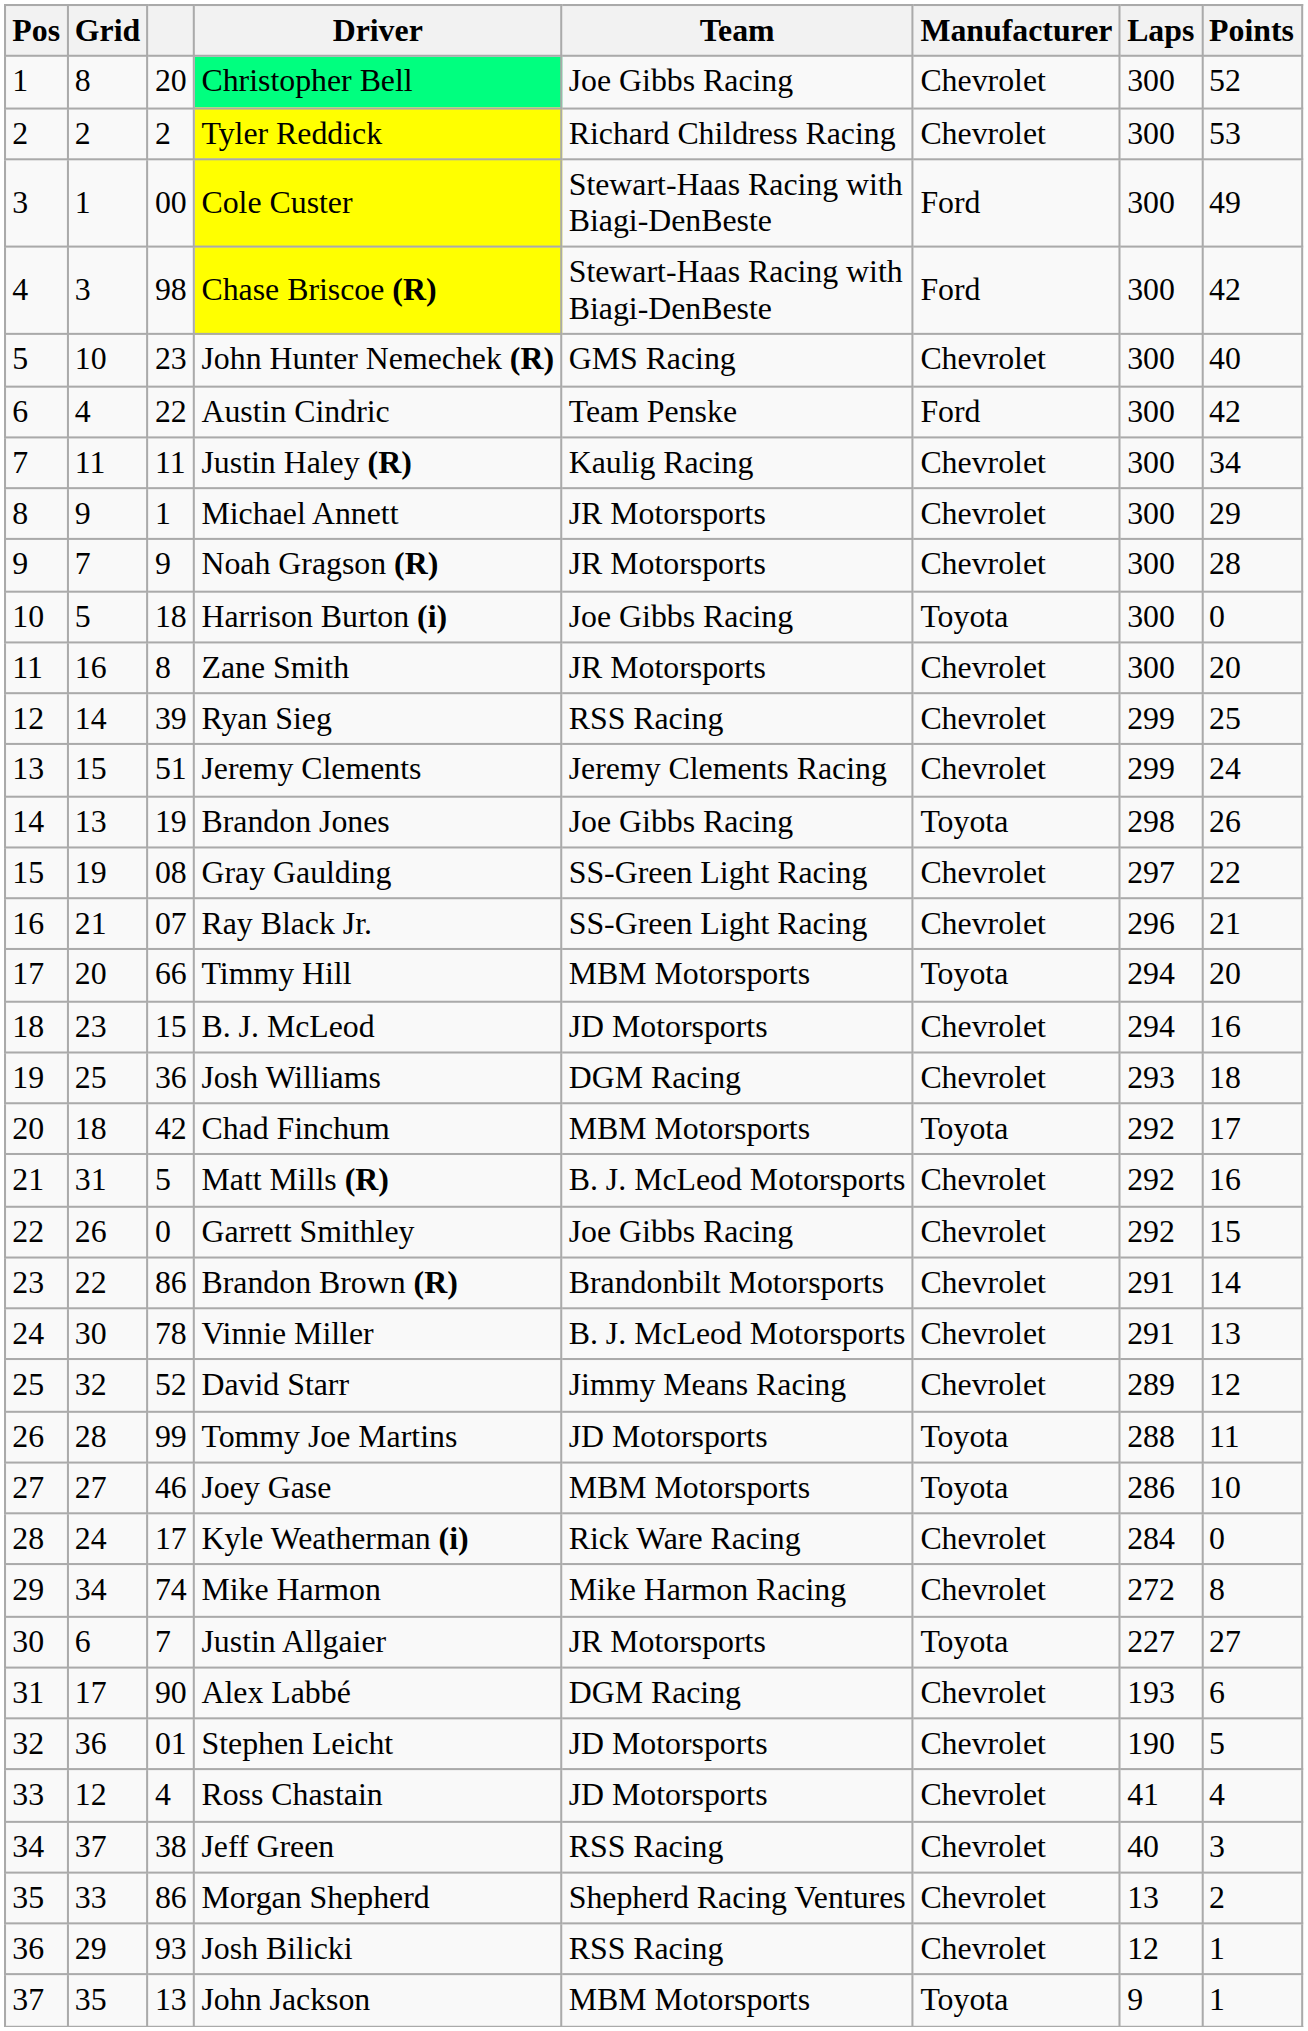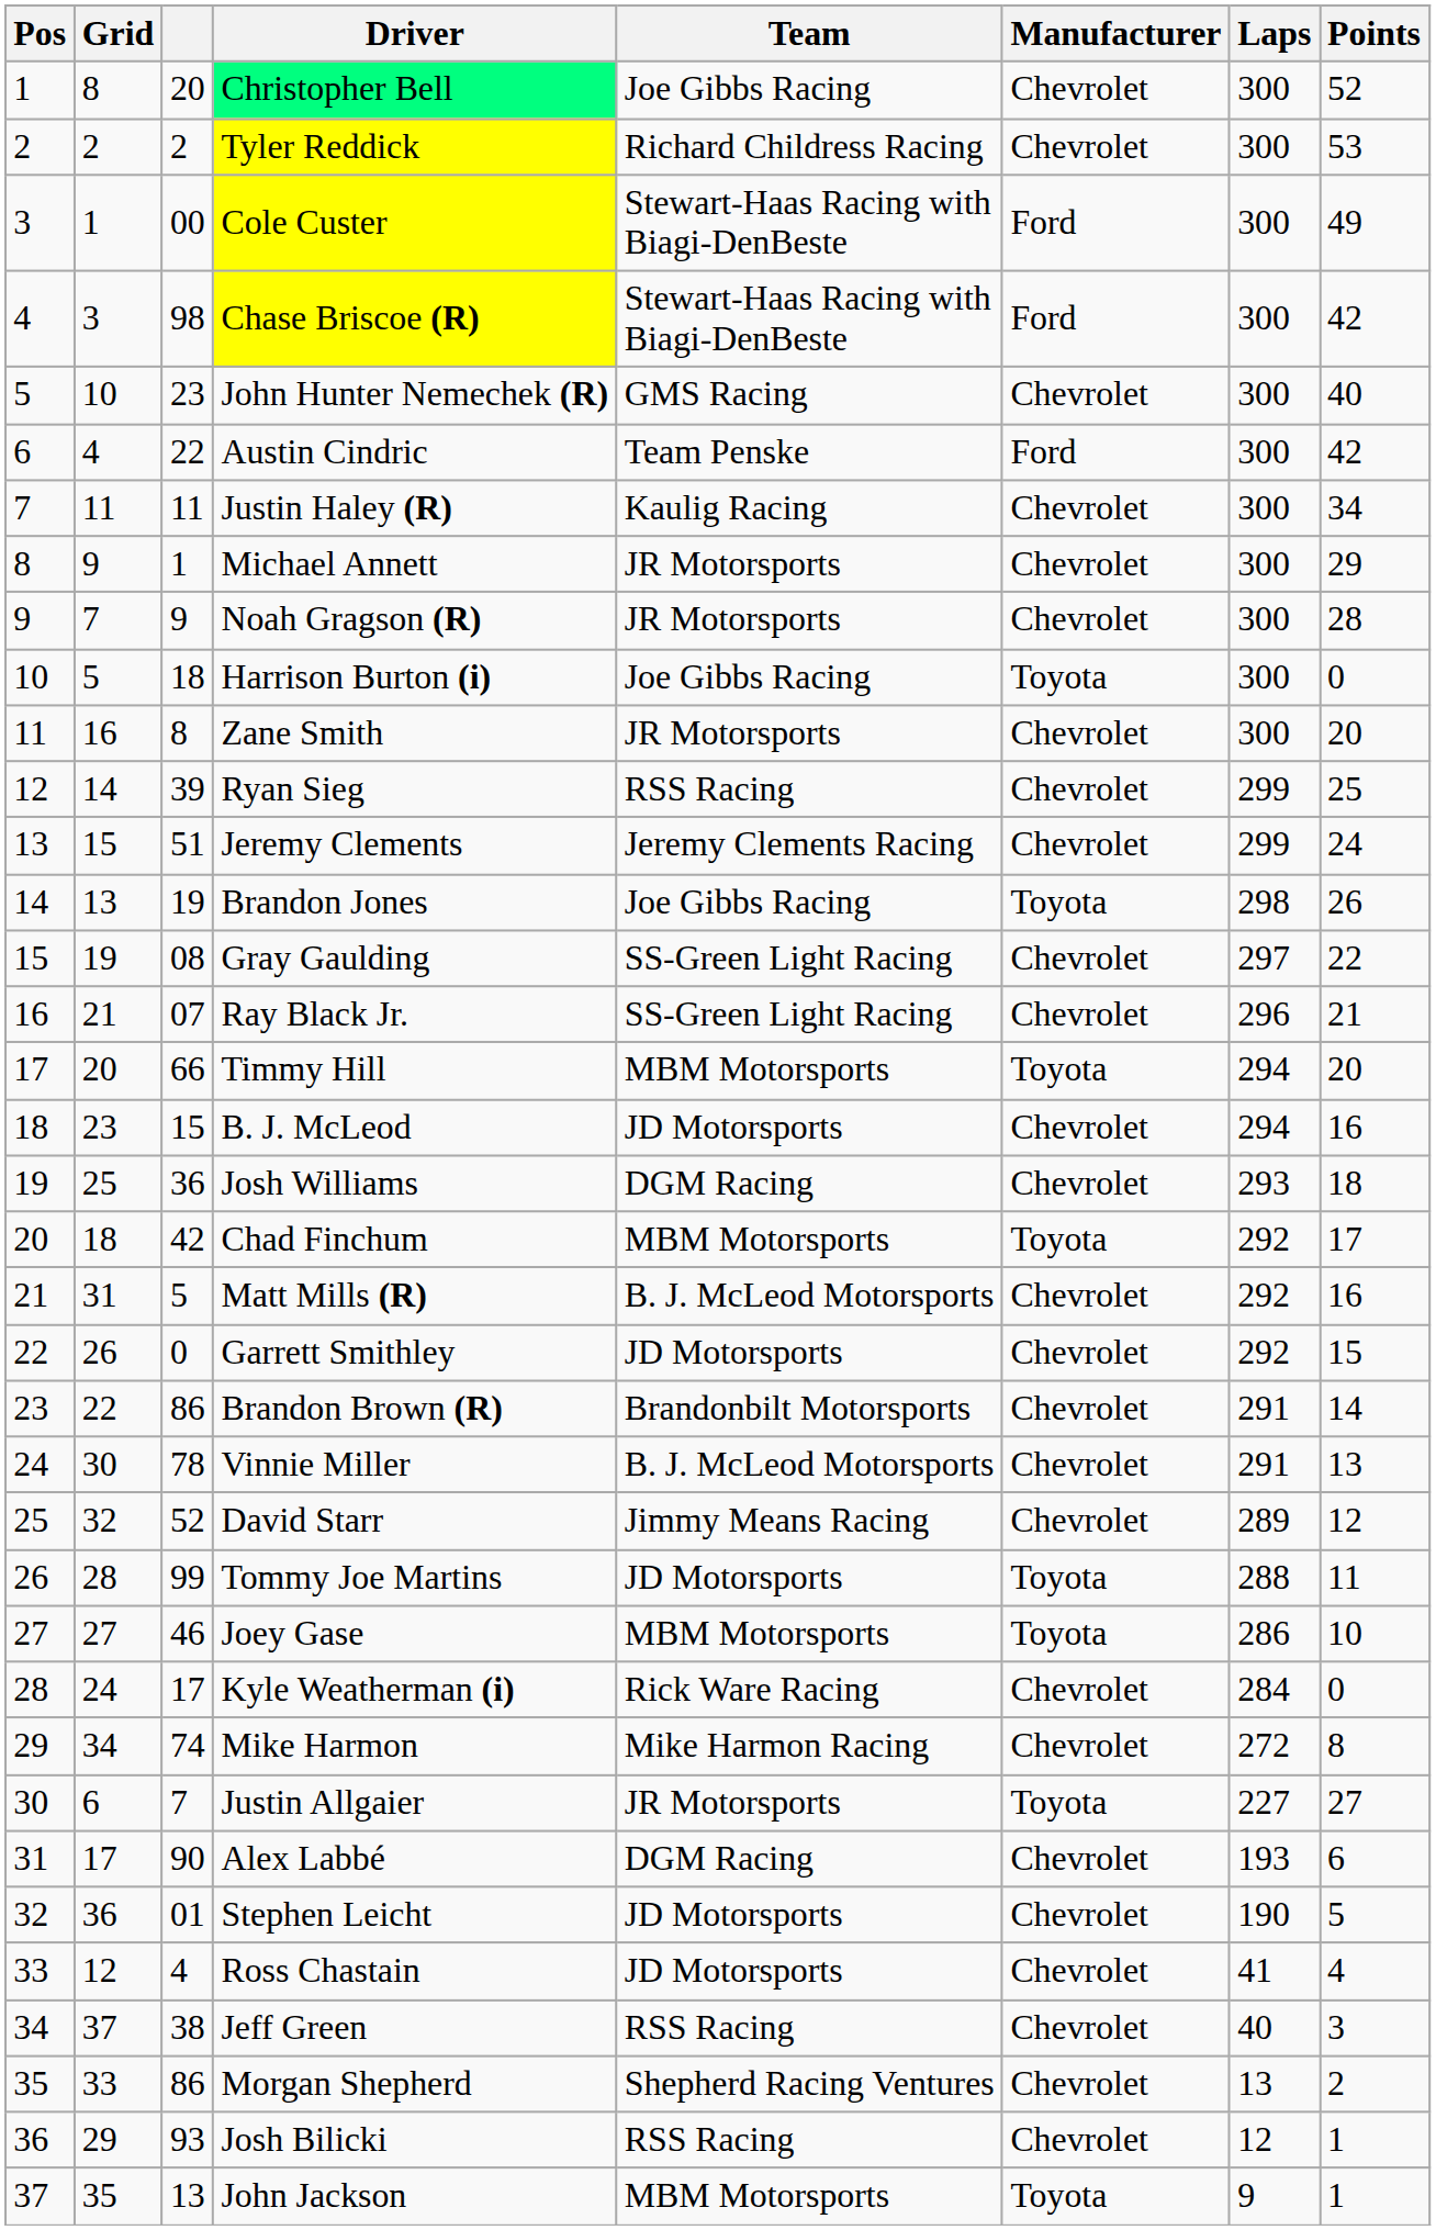 <table class="wikitable" style="font-size:98%">
 <tr>
 <th>Pos</th>
 <th>Grid</th>
 <th></th>
 <th>Driver</th>
 <th>Team</th>
 <th>Manufacturer</th>
 <th>Laps</th>
 <th>Points</th>
 </tr>
 <tr>
 <td>1</td>
 <td>8</td>
 <td>20</td>
 <td style="text-align:left;background:#00FF7F">Christopher Bell</td>
 <td>Joe Gibbs Racing</td>
 <td>Chevrolet</td>
 <td>300</td>
 <td>52</td>
 </tr>
 <tr>
 <td>2</td>
 <td>2</td>
 <td>2</td>
 <td style="text-align:left;background:#FFFF00">Tyler Reddick</td>
 <td>Richard Childress Racing</td>
 <td>Chevrolet</td>
 <td>300</td>
 <td>53</td>
 </tr>
 <tr>
 <td>3</td>
 <td>1</td>
 <td>00</td>
 <td style="text-align:left;background:#FFFF00">Cole Custer</td>
 <td>Stewart-Haas Racing with<br>Biagi-DenBeste</td>
 <td>Ford</td>
 <td>300</td>
 <td>49</td>
 </tr>
 <tr>
 <td>4</td>
 <td>3</td>
 <td>98</td>
 <td style="text-align:left;background:#FFFF00">Chase Briscoe <strong>(R)</strong></td>
 <td>Stewart-Haas Racing with<br>Biagi-DenBeste</td>
 <td>Ford</td>
 <td>300</td>
 <td>42</td>
 </tr>
 <tr>
 <td>5</td>
 <td>10</td>
 <td>23</td>
 <td>John Hunter Nemechek <strong>(R)</strong></td>
 <td>GMS Racing</td>
 <td>Chevrolet</td>
 <td>300</td>
 <td>40</td>
 </tr>
 <tr>
 <td>6</td>
 <td>4</td>
 <td>22</td>
 <td>Austin Cindric</td>
 <td>Team Penske</td>
 <td>Ford</td>
 <td>300</td>
 <td>42</td>
 </tr>
 <tr>
 <td>7</td>
 <td>11</td>
 <td>11</td>
 <td>Justin Haley <strong>(R)</strong></td>
 <td>Kaulig Racing</td>
 <td>Chevrolet</td>
 <td>300</td>
 <td>34</td>
 </tr>
 <tr>
 <td>8</td>
 <td>9</td>
 <td>1</td>
 <td>Michael Annett</td>
 <td>JR Motorsports</td>
 <td>Chevrolet</td>
 <td>300</td>
 <td>29</td>
 </tr>
 <tr>
 <td>9</td>
 <td>7</td>
 <td>9</td>
 <td>Noah Gragson <strong>(R)</strong></td>
 <td>JR Motorsports</td>
 <td>Chevrolet</td>
 <td>300</td>
 <td>28</td>
 </tr>
 <tr>
 <td>10</td>
 <td>5</td>
 <td>18</td>
 <td>Harrison Burton <strong>(i)</strong></td>
 <td>Joe Gibbs Racing</td>
 <td>Toyota</td>
 <td>300</td>
 <td>0</td>
 </tr>
 <tr>
 <td>11</td>
 <td>16</td>
 <td>8</td>
 <td>Zane Smith</td>
 <td>JR Motorsports</td>
 <td>Chevrolet</td>
 <td>300</td>
 <td>20</td>
 </tr>
 <tr>
 <td>12</td>
 <td>14</td>
 <td>39</td>
 <td>Ryan Sieg</td>
 <td>RSS Racing</td>
 <td>Chevrolet</td>
 <td>299</td>
 <td>25</td>
 </tr>
 <tr>
 <td>13</td>
 <td>15</td>
 <td>51</td>
 <td>Jeremy Clements</td>
 <td>Jeremy Clements Racing</td>
 <td>Chevrolet</td>
 <td>299</td>
 <td>24</td>
 </tr>
 <tr>
 <td>14</td>
 <td>13</td>
 <td>19</td>
 <td>Brandon Jones</td>
 <td>Joe Gibbs Racing</td>
 <td>Toyota</td>
 <td>298</td>
 <td>26</td>
 </tr>
 <tr>
 <td>15</td>
 <td>19</td>
 <td>08</td>
 <td>Gray Gaulding</td>
 <td>SS-Green Light Racing</td>
 <td>Chevrolet</td>
 <td>297</td>
 <td>22</td>
 </tr>
 <tr>
 <td>16</td>
 <td>21</td>
 <td>07</td>
 <td>Ray Black Jr.</td>
 <td>SS-Green Light Racing</td>
 <td>Chevrolet</td>
 <td>296</td>
 <td>21</td>
 </tr>
 <tr>
 <td>17</td>
 <td>20</td>
 <td>66</td>
 <td>Timmy Hill</td>
 <td>MBM Motorsports</td>
 <td>Toyota</td>
 <td>294</td>
 <td>20</td>
 </tr>
 <tr>
 <td>18</td>
 <td>23</td>
 <td>15</td>
 <td>B. J. McLeod</td>
 <td>JD Motorsports</td>
 <td>Chevrolet</td>
 <td>294</td>
 <td>16</td>
 </tr>
 <tr>
 <td>19</td>
 <td>25</td>
 <td>36</td>
 <td>Josh Williams</td>
 <td>DGM Racing</td>
 <td>Chevrolet</td>
 <td>293</td>
 <td>18</td>
 </tr>
 <tr>
 <td>20</td>
 <td>18</td>
 <td>42</td>
 <td>Chad Finchum</td>
 <td>MBM Motorsports</td>
 <td>Toyota</td>
 <td>292</td>
 <td>17</td>
 </tr>
 <tr>
 <td>21</td>
 <td>31</td>
 <td>5</td>
 <td>Matt Mills <strong>(R)</strong></td>
 <td>B. J. McLeod Motorsports</td>
 <td>Chevrolet</td>
 <td>292</td>
 <td>16</td>
 </tr>
 <tr>
 <td>22</td>
 <td>26</td>
 <td>0</td>
 <td>Garrett Smithley</td>
-<td>Joe Gibbs Racing</td>
+<td>JD Motorsports</td>
 <td>Chevrolet</td>
 <td>292</td>
 <td>15</td>
 </tr>
 <tr>
 <td>23</td>
 <td>22</td>
 <td>86</td>
 <td>Brandon Brown <strong>(R)</strong></td>
 <td>Brandonbilt Motorsports</td>
 <td>Chevrolet</td>
 <td>291</td>
 <td>14</td>
 </tr>
 <tr>
 <td>24</td>
 <td>30</td>
 <td>78</td>
 <td>Vinnie Miller</td>
 <td>B. J. McLeod Motorsports</td>
 <td>Chevrolet</td>
 <td>291</td>
 <td>13</td>
 </tr>
 <tr>
 <td>25</td>
 <td>32</td>
 <td>52</td>
 <td>David Starr</td>
 <td>Jimmy Means Racing</td>
 <td>Chevrolet</td>
 <td>289</td>
 <td>12</td>
 </tr>
 <tr>
 <td>26</td>
 <td>28</td>
 <td>99</td>
 <td>Tommy Joe Martins</td>
 <td>JD Motorsports</td>
 <td>Toyota</td>
 <td>288</td>
 <td>11</td>
 </tr>
 <tr>
 <td>27</td>
 <td>27</td>
 <td>46</td>
 <td>Joey Gase</td>
 <td>MBM Motorsports</td>
 <td>Toyota</td>
 <td>286</td>
 <td>10</td>
 </tr>
 <tr>
 <td>28</td>
 <td>24</td>
 <td>17</td>
 <td>Kyle Weatherman <strong>(i)</strong></td>
 <td>Rick Ware Racing</td>
 <td>Chevrolet</td>
 <td>284</td>
 <td>0</td>
 </tr>
 <tr>
 <td>29</td>
 <td>34</td>
 <td>74</td>
 <td>Mike Harmon</td>
 <td>Mike Harmon Racing</td>
 <td>Chevrolet</td>
 <td>272</td>
 <td>8</td>
 </tr>
 <tr>
 <td>30</td>
 <td>6</td>
 <td>7</td>
 <td>Justin Allgaier</td>
 <td>JR Motorsports</td>
 <td>Toyota</td>
 <td>227</td>
 <td>27</td>
 </tr>
 <tr>
 <td>31</td>
 <td>17</td>
 <td>90</td>
 <td>Alex Labbé</td>
 <td>DGM Racing</td>
 <td>Chevrolet</td>
 <td>193</td>
 <td>6</td>
 </tr>
 <tr>
 <td>32</td>
 <td>36</td>
 <td>01</td>
 <td>Stephen Leicht</td>
 <td>JD Motorsports</td>
 <td>Chevrolet</td>
 <td>190</td>
 <td>5</td>
 </tr>
 <tr>
 <td>33</td>
 <td>12</td>
 <td>4</td>
 <td>Ross Chastain</td>
 <td>JD Motorsports</td>
 <td>Chevrolet</td>
 <td>41</td>
 <td>4</td>
 </tr>
 <tr>
 <td>34</td>
 <td>37</td>
 <td>38</td>
 <td>Jeff Green</td>
 <td>RSS Racing</td>
 <td>Chevrolet</td>
 <td>40</td>
 <td>3</td>
 </tr>
 <tr>
 <td>35</td>
 <td>33</td>
 <td>86</td>
 <td>Morgan Shepherd</td>
 <td>Shepherd Racing Ventures</td>
 <td>Chevrolet</td>
 <td>13</td>
 <td>2</td>
 </tr>
 <tr>
 <td>36</td>
 <td>29</td>
 <td>93</td>
 <td>Josh Bilicki</td>
 <td>RSS Racing</td>
 <td>Chevrolet</td>
 <td>12</td>
 <td>1</td>
 </tr>
 <tr>
 <td>37</td>
 <td>35</td>
 <td>13</td>
 <td>John Jackson</td>
 <td>MBM Motorsports</td>
 <td>Toyota</td>
 <td>9</td>
 <td>1</td>
 </tr>
 <tr>
 </tr>
 </table>
